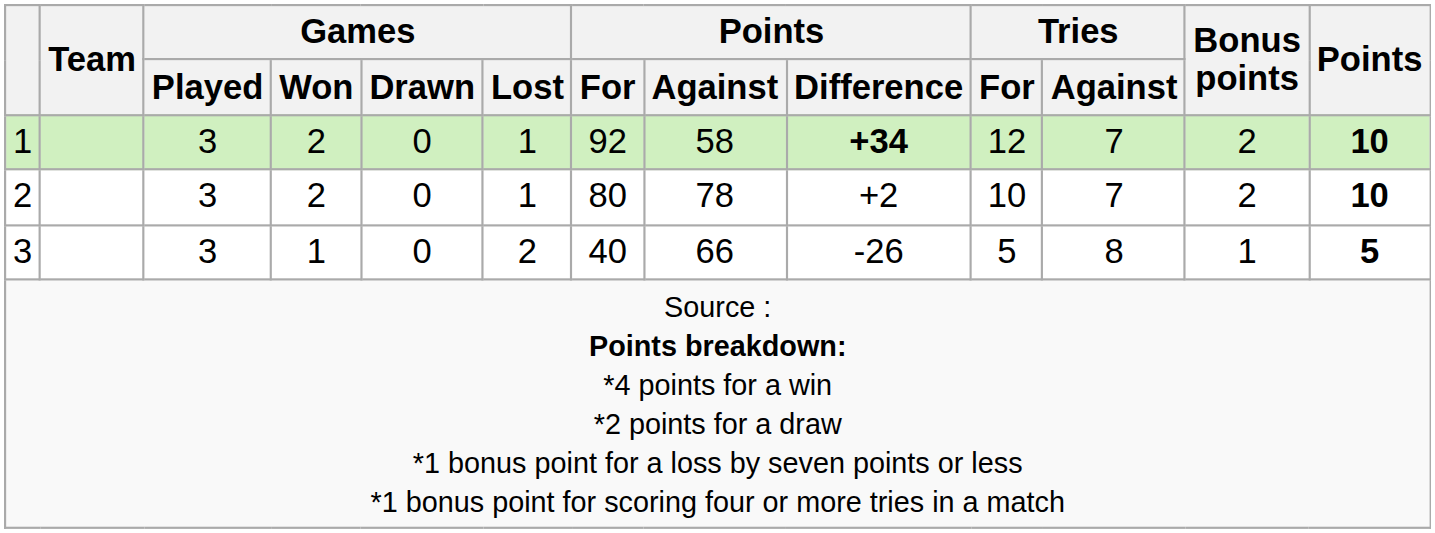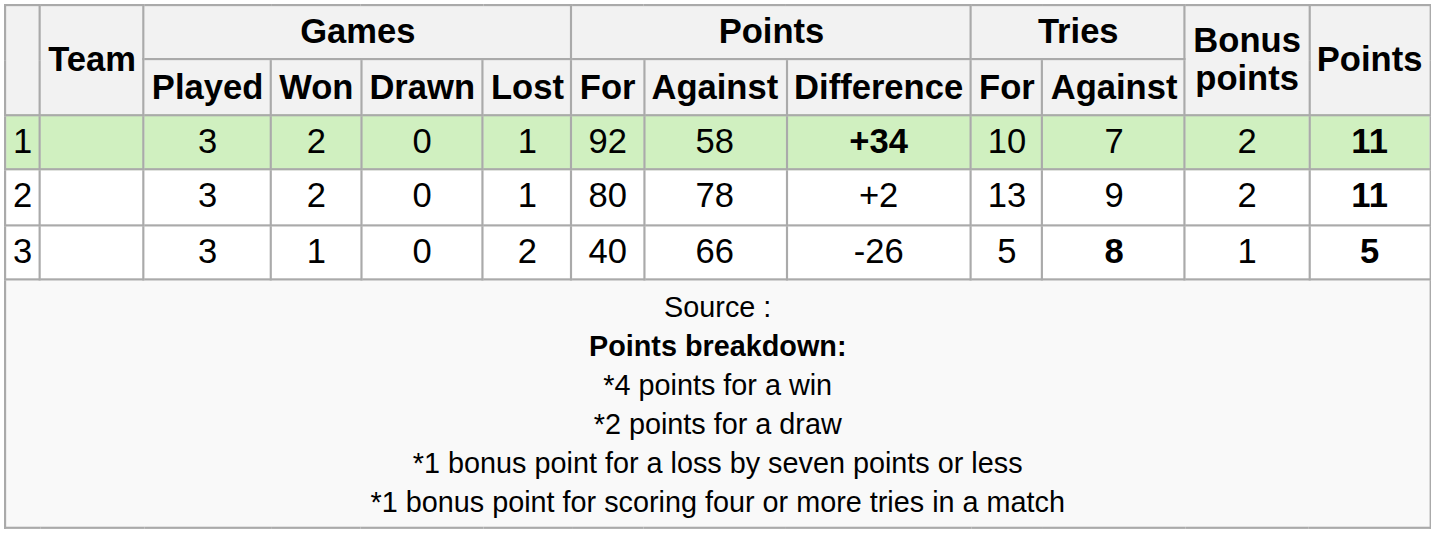 <table class="wikitable" style="text-align: center;">
 <tr>
 <th rowspan="2" bgcolor="#efefef" width="20"></th>
 <th rowspan="2" bgcolor="#efefef" width="150">Team</th>
 <th colspan="4" bgcolor="#efefef" width="100">Games</th>
 <th colspan="3" bgcolor="#efefef" width="60">Points</th>
 <th colspan="2" bgcolor="#efefef" width="40">Tries</th>
 <th rowspan="2" bgcolor="#efefef" width="40">Bonus points</th>
 <th rowspan="2" bgcolor="#efefef" width="20">Points</th>
 </tr>
 <tr>
 <th bgcolor="#efefef" width="20">Played</th>
 <th bgcolor="#efefef" width="20">Won</th>
 <th bgcolor="#efefef" width="20">Drawn</th>
 <th bgcolor="#efefef" width="20">Lost</th>
 <th bgcolor="#efefef" width="20">For</th>
 <th bgcolor="#efefef" width="20">Against</th>
 <th bgcolor="#efefef" width="20">Difference</th>
 <th bgcolor="#efefef" width="20">For</th>
 <th bgcolor="#efefef" width="20">Against<br></th>
 </tr>
 <tr style="background:#D0F0C0; text-align:center;">
 <td>1</td>
 <td align=left></td>
 <td>3</td>
 <td>2</td>
 <td>0</td>
 <td>1</td>
 <td>92</td>
 <td>58</td>
 <td><strong>+34</strong></td>
-<td>12</td>
+<td>10</td>
 <td>7</td>
 <td>2</td>
-<td><strong>10</strong></td>
+<td><strong>11</strong></td>
 </tr>
 <tr style="background:#fff; text-align:center;">
 <td>2</td>
 <td align=left></td>
 <td>3</td>
 <td>2</td>
 <td>0</td>
 <td>1</td>
 <td>80</td>
 <td>78</td>
 <td>+2</td>
-<td>10</td>
-<td>7</td>
+<td>13</td>
+<td>9</td>
 <td>2</td>
-<td><strong>10</strong></td>
+<td><strong>11</strong></td>
 </tr>
 <tr style="background:#fff; text-align:center;">
 <td>3</td>
 <td align=left></td>
 <td>3</td>
 <td>1</td>
 <td>0</td>
 <td>2</td>
 <td>40</td>
 <td>66</td>
 <td>-26</td>
 <td>5</td>
-<td>8</td>
+<td><strong>8</strong></td>
 <td>1</td>
 <td><strong>5</strong></td>
 </tr>
 <tr |align=left|>
 <td colspan="14" style="border:0;"><small>Source : <br><strong>Points breakdown:</strong><br>*4 points for a win<br>*2 points for a draw<br>*1 bonus point for a loss by seven points or less<br>*1 bonus point for scoring four or more tries in a match</small></td>
 </tr>
 </table>
